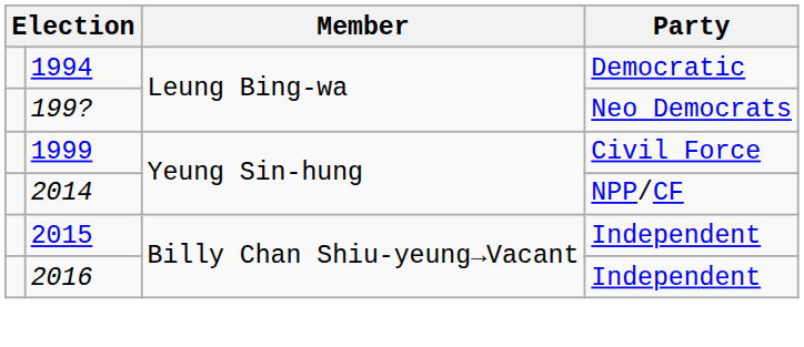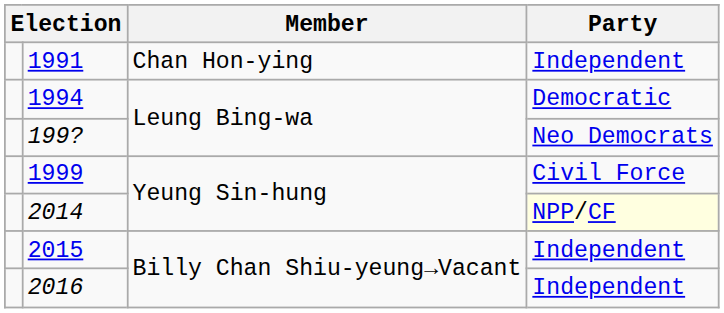 <table class="wikitable">
 <tr>
 <th colspan="2">Election</th>
 <th>Member</th>
 <th>Party</th>
+</tr>
+<tr>
+<td style="background-color: "></td>
+<td><a href='#'>1991</a></td>
+<td>Chan Hon-ying</td>
+<td><a href='#'>Independent</a></td>
 </tr>
 <tr>
 <td style="background-color: "></td>
 <td><a href='#'>1994</a></td>
 <td rowspan=2>Leung Bing-wa</td>
 <td><a href='#'>Democratic</a></td>
 </tr>
 <tr>
 <td style="background-color: "></td>
 <td><em>199?</em></td>
 <td><a href='#'>Neo Democrats</a></td>
 </tr>
 <tr>
 <td style="background-color: "></td>
 <td><a href='#'>1999</a></td>
 <td rowspan=2>Yeung Sin-hung</td>
 <td><a href='#'>Civil Force</a></td>
 </tr>
 <tr>
 <td style="background-color: "></td>
 <td><em>2014</em></td>
-<td><a href='#'>NPP</a>/<a href='#'>CF</a></td>
+<td style="background: lightyellow;"><a href='#'>NPP</a>/<a href='#'>CF</a></td>
 </tr>
 <tr>
 <td style="background-color: "></td>
 <td><a href='#'>2015</a></td>
 <td rowspan=2>Billy Chan Shiu-yeung→Vacant</td>
 <td><a href='#'>Independent</a></td>
 </tr>
 <tr>
 <td style="background-color: "></td>
 <td><em>2016</em></td>
 <td><a href='#'>Independent</a></td>
 </tr>
 </table>
